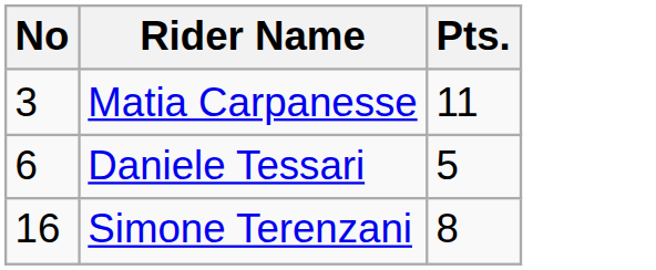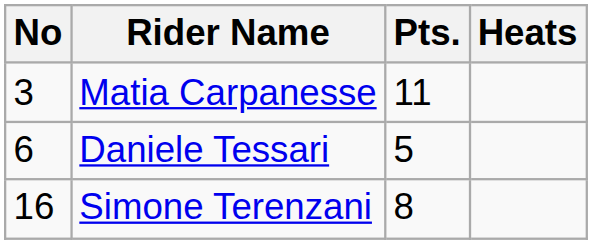 <table class="wikitable">
 <tr style="background-color:">
 <th>No</th>
 <th>Rider Name</th>
 <th>Pts.</th>
+<th>Heats</th>
 </tr>
 <tr>
 <td>3</td>
 <td><a href='#'>Matia Carpanesse</a></td>
 <td>11</td>
+<td></td>
 </tr>
 <tr>
 <td>6</td>
 <td><a href='#'>Daniele Tessari</a></td>
 <td>5</td>
+<td></td>
 </tr>
 <tr>
 <td>16</td>
 <td><a href='#'>Simone Terenzani</a></td>
 <td>8</td>
+<td></td>
 </tr>
 </table>
